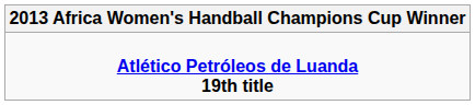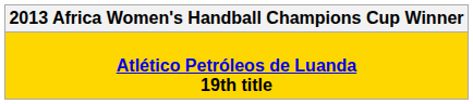 <table class=wikitable style="text-align:center; margin:auto">
 <tr>
 <th>2013 Africa Women's Handball Champions Cup Winner</th>
 </tr>
 <tr>
-<td><br><strong><a href='#'>Atlético Petróleos de Luanda</a></strong><br><strong>19th title</strong></td>
+<td style="background: gold;"><br><strong><a href='#'>Atlético Petróleos de Luanda</a></strong><br><strong>19th title</strong></td>
 </tr>
 </table>
